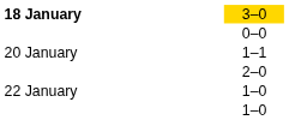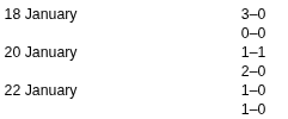 <table cellspacing=1 width=70%>
 <tr>
 <th width=25%></th>
 <th width=30%></th>
 <th width=15%></th>
 <th width=30%></th>
 </tr>
 <tr>
-<td><strong>18 January</strong></td>
+<td>18 January</td>
 <td align=right></td>
-<td align=center style="background: gold;">3–0</td>
+<td align=center>3–0</td>
 <td></td>
 </tr>
 <tr>
 <td></td>
 <td align=right></td>
 <td align=center>0–0</td>
 <td></td>
 </tr>
 <tr>
 <td>20 January</td>
 <td align=right></td>
 <td align=center>1–1</td>
 <td></td>
 </tr>
 <tr>
 <td></td>
 <td align=right></td>
 <td align=center>2–0</td>
 <td></td>
 </tr>
 <tr>
 <td>22 January</td>
 <td align=right></td>
 <td align=center>1–0</td>
 <td></td>
 </tr>
 <tr>
 <td></td>
 <td align=right></td>
 <td align=center>1–0</td>
 <td></td>
 </tr>
 </table>
